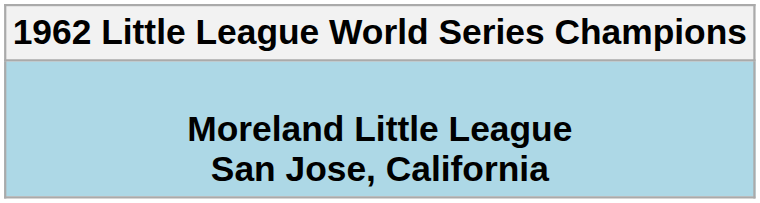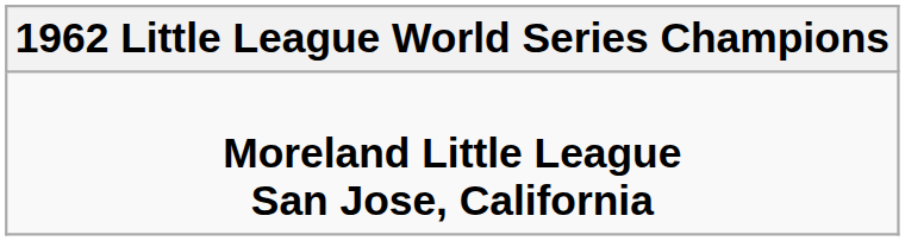 <table class="wikitable" style="text-align: center; margin: 0 auto;">
 <tr>
 <th>1962 Little League World Series Champions</th>
 </tr>
 <tr>
-<td style="background: lightblue;"> <br><strong>Moreland Little League</strong><br><strong>San Jose, California</strong></td>
+<td> <br><strong>Moreland Little League</strong><br><strong>San Jose, California</strong></td>
 </tr>
 </table>
